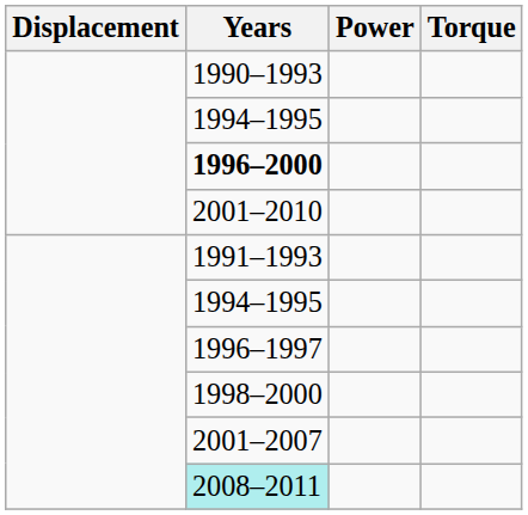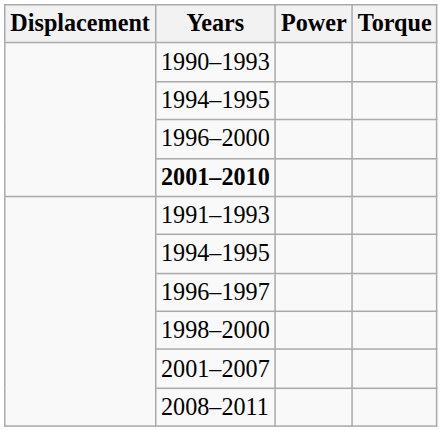 <table class=wikitable>
 <tr>
 <th>Displacement</th>
 <th>Years</th>
 <th>Power</th>
 <th>Torque</th>
 </tr>
 <tr>
 <td rowspan=4><a href='#'></a></td>
 <td>1990–1993</td>
 <td></td>
 <td></td>
 </tr>
 <tr>
 <td>1994–1995</td>
 <td></td>
 <td></td>
 </tr>
 <tr>
-<td><strong>1996–2000</strong></td>
+<td>1996–2000</td>
 <td></td>
 <td></td>
 </tr>
 <tr>
-<td>2001–2010</td>
+<td><strong>2001–2010</strong></td>
 <td></td>
 <td></td>
 </tr>
 <tr>
 <td rowspan=6><a href='#'></a></td>
 <td>1991–1993</td>
 <td></td>
 <td></td>
 </tr>
 <tr>
 <td>1994–1995</td>
 <td></td>
 <td></td>
 </tr>
 <tr>
 <td>1996–1997</td>
 <td></td>
 <td></td>
 </tr>
 <tr>
 <td>1998–2000</td>
 <td></td>
 <td></td>
 </tr>
 <tr>
 <td>2001–2007</td>
 <td></td>
 <td></td>
 </tr>
 <tr>
-<td style="background: paleturquoise;">2008–2011</td>
+<td>2008–2011</td>
 <td></td>
 <td></td>
 </tr>
 </table>
